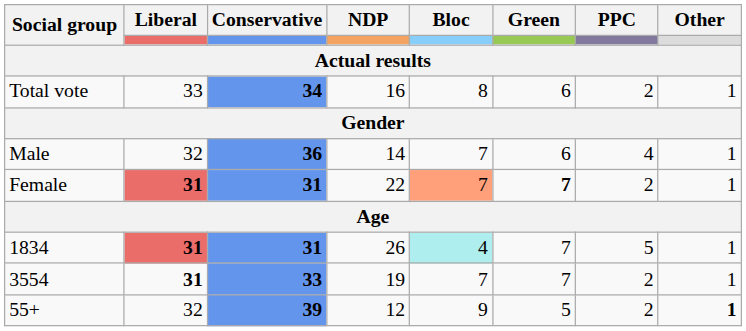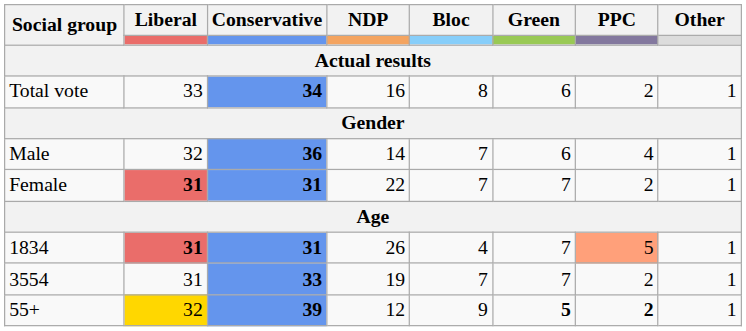 <table class="wikitable" style="text-align:right">
 <tr>
 <th style="width:90px;" rowspan="2">Social group</th>
 <th style="width:60px;">Liberal</th>
 <th style="width:60px;">Conservative</th>
 <th style="width:60px;">NDP</th>
 <th style="width:60px;">Bloc</th>
 <th style="width:60px;">Green</th>
 <th style="width:60px;">PPC</th>
 <th style="width:60px;">Other</th>
 </tr>
 <tr>
 <th style="background-color:#EA6D6A;"></th>
 <th style="background-color:#6495ED;"></th>
 <th style="background-color:#F4A460;"></th>
 <th style="background-color:#87CEFA;"></th>
 <th style="background-color:#99C955;"></th>
 <th style="background-color:#83789E;"></th>
 <th style="background-color:#DCDCDC;"></th>
 </tr>
 <tr>
 <th colspan="8">Actual results</th>
 </tr>
 <tr>
 <td style="text-align:left">Total vote</td>
 <td>33</td>
 <td style="background-color:#6495ED;"><strong>34</strong></td>
 <td>16</td>
 <td>8</td>
 <td>6</td>
 <td>2</td>
 <td>1</td>
 </tr>
 <tr>
 <th colspan="8">Gender</th>
 </tr>
 <tr>
 <td style="text-align:left">Male</td>
 <td>32</td>
 <td style="background-color:#6495ED;"><strong>36</strong></td>
 <td>14</td>
 <td>7</td>
 <td>6</td>
 <td>4</td>
 <td>1</td>
 </tr>
 <tr>
 <td style="text-align:left">Female</td>
 <td style="background-color:#EA6D6A;"><strong>31</strong></td>
 <td style="background-color:#6495ED;"><strong>31</strong></td>
 <td>22</td>
-<td style="background: lightsalmon;">7</td>
-<td><strong>7</strong></td>
+<td>7</td>
+<td>7</td>
 <td>2</td>
 <td>1</td>
 </tr>
 <tr>
 <th colspan="8">Age</th>
 </tr>
 <tr>
 <td style="text-align:left">1834</td>
 <td style="background-color:#EA6D6A;"><strong>31</strong></td>
 <td style="background-color:#6495ED;"><strong>31</strong></td>
 <td>26</td>
-<td style="background: paleturquoise;">4</td>
+<td>4</td>
 <td>7</td>
-<td>5</td>
+<td style="background: lightsalmon;">5</td>
 <td>1</td>
 </tr>
 <tr>
 <td style="text-align:left">3554</td>
-<td><strong>31</strong></td>
+<td>31</td>
 <td style="background-color:#6495ED;"><strong>33</strong></td>
 <td>19</td>
 <td>7</td>
 <td>7</td>
 <td>2</td>
 <td>1</td>
 </tr>
 <tr>
 <td style="text-align:left">55+</td>
-<td>32</td>
+<td style="background: gold;">32</td>
 <td style="background-color:#6495ED;"><strong>39</strong></td>
 <td>12</td>
 <td>9</td>
-<td>5</td>
-<td>2</td>
-<td><strong>1</strong></td>
+<td><strong>5</strong></td>
+<td><strong>2</strong></td>
+<td>1</td>
 </tr>
 </table>
